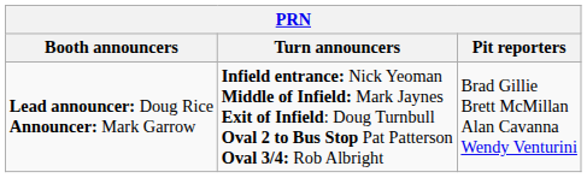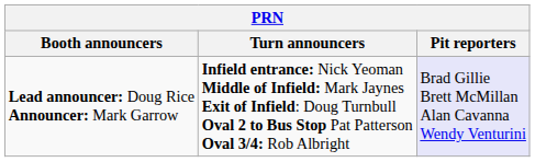 <table class="wikitable" style="font-size: 95%;">
 <tr>
 <th colspan="3"><a href='#'>PRN</a></th>
 </tr>
 <tr>
 <th>Booth announcers</th>
 <th>Turn announcers</th>
 <th>Pit reporters</th>
 </tr>
 <tr>
 <td><strong>Lead announcer:</strong> Doug Rice<br><strong>Announcer:</strong> Mark Garrow</td>
 <td><strong>Infield entrance:</strong> Nick Yeoman<br><strong>Middle of Infield:</strong> Mark Jaynes<br><strong>Exit of Infield</strong>: Doug Turnbull<br><strong>Oval 2 to Bus Stop</strong> Pat Patterson<br><strong>Oval 3/4:</strong> Rob Albright</td>
-<td>Brad Gillie<br>Brett McMillan<br>Alan Cavanna<br><a href='#'>Wendy Venturini</a></td>
+<td style="background: lavender;">Brad Gillie<br>Brett McMillan<br>Alan Cavanna<br><a href='#'>Wendy Venturini</a></td>
 </tr>
 </table>
